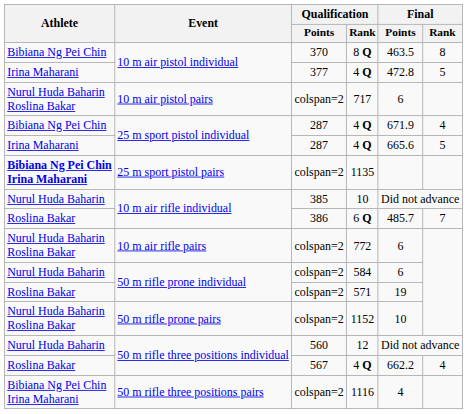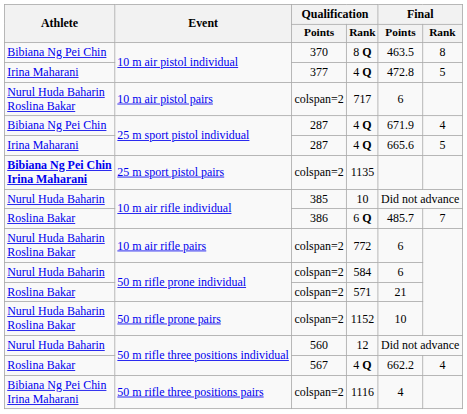 <table class="wikitable" style="font-size:90%;">
 <tr>
 <th rowspan=2>Athlete</th>
 <th rowspan=2>Event</th>
 <th colspan=2>Qualification</th>
 <th colspan=2>Final</th>
 </tr>
 <tr style="font-size:95%">
 <th>Points</th>
 <th>Rank</th>
 <th>Points</th>
 <th>Rank</th>
 </tr>
 <tr align=center>
 <td align=left><a href='#'>Bibiana Ng Pei Chin</a></td>
 <td align=left rowspan=2><a href='#'>10 m air pistol individual</a></td>
 <td>370</td>
 <td>8 <strong>Q</strong></td>
 <td>463.5</td>
 <td>8</td>
 </tr>
 <tr align=center>
 <td align=left><a href='#'>Irina Maharani</a></td>
 <td>377</td>
 <td>4 <strong>Q</strong></td>
 <td>472.8</td>
 <td>5</td>
 </tr>
 <tr align=center>
 <td align=left><a href='#'>Nurul Huda Baharin</a><br><a href='#'>Roslina Bakar</a></td>
 <td align=left><a href='#'>10 m air pistol pairs</a></td>
 <td>colspan=2 </td>
 <td>717</td>
 <td>6</td>
 </tr>
 <tr align=center>
 <td align=left><a href='#'>Bibiana Ng Pei Chin</a></td>
 <td align=left rowspan=2><a href='#'>25 m sport pistol individual</a></td>
 <td>287</td>
 <td>4 <strong>Q</strong></td>
 <td>671.9</td>
 <td>4</td>
 </tr>
 <tr align=center>
 <td align=left><a href='#'>Irina Maharani</a></td>
 <td>287</td>
 <td>4 <strong>Q</strong></td>
 <td>665.6</td>
 <td>5</td>
 </tr>
 <tr align=center>
 <td align=left><strong><a href='#'>Bibiana Ng Pei Chin</a><br><a href='#'>Irina Maharani</a></strong></td>
 <td align=left><a href='#'>25 m sport pistol pairs</a></td>
 <td>colspan=2 </td>
 <td>1135</td>
 <td></td>
 </tr>
 <tr align=center>
 <td align=left><a href='#'>Nurul Huda Baharin</a></td>
 <td align=left rowspan=2><a href='#'>10 m air rifle individual</a></td>
 <td>385</td>
 <td>10</td>
 <td colspan=2>Did not advance</td>
 </tr>
 <tr align=center>
 <td align=left><a href='#'>Roslina Bakar</a></td>
 <td>386</td>
 <td>6 <strong>Q</strong></td>
 <td>485.7</td>
 <td>7</td>
 </tr>
 <tr align=center>
 <td align=left><a href='#'>Nurul Huda Baharin</a><br><a href='#'>Roslina Bakar</a></td>
 <td align=left><a href='#'>10 m air rifle pairs</a></td>
 <td>colspan=2 </td>
 <td>772</td>
 <td>6</td>
 </tr>
 <tr align=center>
 <td align=left><a href='#'>Nurul Huda Baharin</a></td>
 <td align=left rowspan=2><a href='#'>50 m rifle prone individual</a></td>
 <td>colspan=2 </td>
 <td>584</td>
 <td>6</td>
 </tr>
 <tr align=center>
 <td align=left><a href='#'>Roslina Bakar</a></td>
 <td>colspan=2 </td>
 <td>571</td>
-<td>19</td>
+<td>21</td>
 </tr>
 <tr align=center>
 <td align=left><a href='#'>Nurul Huda Baharin</a><br><a href='#'>Roslina Bakar</a></td>
 <td align=left><a href='#'>50 m rifle prone pairs</a></td>
 <td>colspan=2 </td>
 <td>1152</td>
 <td>10</td>
 </tr>
 <tr align=center>
 <td align=left><a href='#'>Nurul Huda Baharin</a></td>
 <td align=left rowspan=2><a href='#'>50 m rifle three positions individual</a></td>
 <td>560</td>
 <td>12</td>
 <td colspan=2>Did not advance</td>
 </tr>
 <tr align=center>
 <td align=left><a href='#'>Roslina Bakar</a></td>
 <td>567</td>
 <td>4 <strong>Q</strong></td>
 <td>662.2</td>
 <td>4</td>
 </tr>
 <tr align=center>
 <td align=left><a href='#'>Bibiana Ng Pei Chin</a><br><a href='#'>Irina Maharani</a></td>
 <td align=left><a href='#'>50 m rifle three positions pairs</a></td>
 <td>colspan=2 </td>
 <td>1116</td>
 <td>4</td>
 </tr>
 </table>
